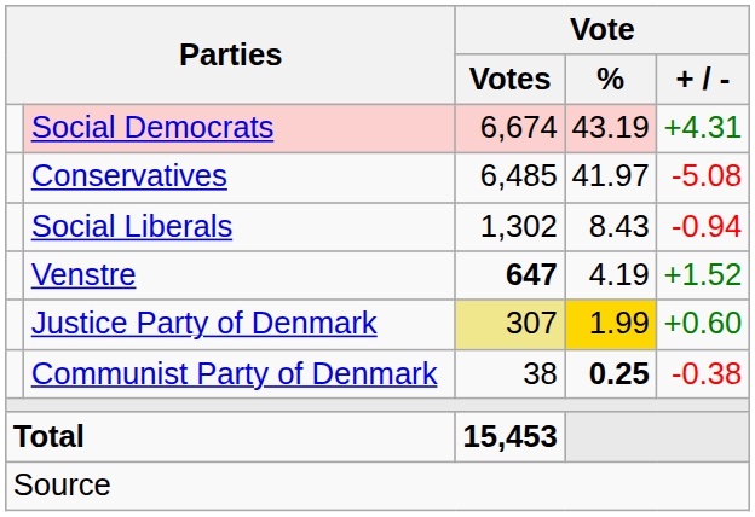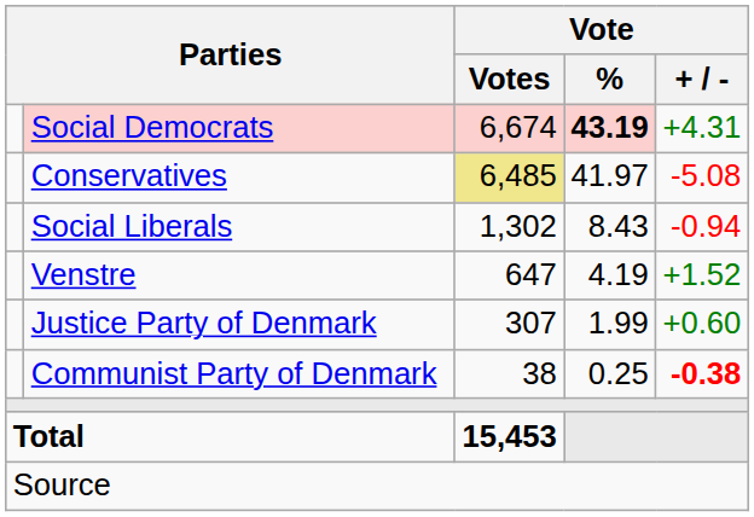 <table class="wikitable" style="text-align:right;">
 <tr>
 <th style="text-align:centre;" rowspan="2" colspan="2" width="225">Parties</th>
 <th colspan="3">Vote</th>
 </tr>
 <tr>
 <th width="15">Votes</th>
 <th width="15">%</th>
 <th width="15">+ / -</th>
 </tr>
 <tr>
 <td width="2" style="color:inherit;background:"></td>
 <td bgcolor=#fbd0ce  align="left"><a href='#'>Social Democrats</a></td>
 <td bgcolor=#fbd0ce>6,674</td>
-<td bgcolor=#fbd0ce>43.19</td>
+<td bgcolor=#fbd0ce><strong>43.19</strong></td>
 <td style=color:green;>+4.31</td>
 </tr>
 <tr>
 <td width="2" style="color:inherit;background:"></td>
 <td align="left"><a href='#'>Conservatives</a></td>
-<td>6,485</td>
+<td style="background: khaki;">6,485</td>
 <td>41.97</td>
 <td style=color:red;>-5.08</td>
 </tr>
 <tr>
 <td width="2" style="color:inherit;background:"></td>
 <td align="left"><a href='#'>Social Liberals</a></td>
 <td>1,302</td>
 <td>8.43</td>
 <td style=color:red;>-0.94</td>
 </tr>
 <tr>
 <td width="2" style="color:inherit;background:"></td>
 <td align="left"><a href='#'>Venstre</a></td>
-<td><strong>647</strong></td>
+<td>647</td>
 <td>4.19</td>
 <td style=color:green;>+1.52</td>
 </tr>
 <tr>
 <td width="2" style="color:inherit;background:"></td>
 <td align="left"><a href='#'>Justice Party of Denmark</a></td>
-<td style="background: khaki;">307</td>
-<td style="background: gold;">1.99</td>
+<td>307</td>
+<td>1.99</td>
 <td style=color:green;>+0.60</td>
 </tr>
 <tr>
 <td width="2" style="color:inherit;background:"></td>
 <td align="left"><a href='#'>Communist Party of Denmark</a></td>
 <td>38</td>
-<td><strong>0.25</strong></td>
-<td style=color:red;>-0.38</td>
+<td>0.25</td>
+<td style=color:red;><strong>-0.38</strong></td>
 </tr>
 <tr>
 <td colspan="7" bgcolor="#E9E9E9"></td>
 </tr>
 <tr>
 <td align="left" colspan="2"><strong>Total</strong></td>
 <td><strong>15,453</strong></td>
 <td bgcolor="#E9E9E9" colspan="2"></td>
 </tr>
 <tr>
 <td align="left" colspan="6">Source</td>
 </tr>
 </table>
